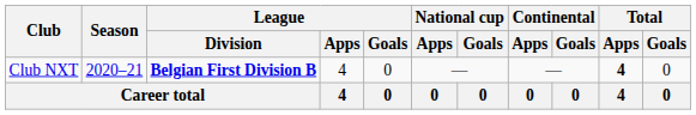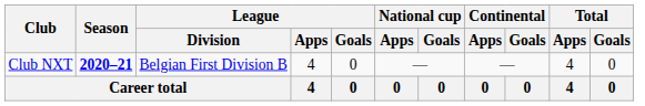 <table class=wikitable style=text-align:center>
 <tr>
 <th rowspan=2>Club</th>
 <th rowspan=2>Season</th>
 <th colspan=3>League</th>
 <th colspan=2>National cup</th>
 <th colspan=2>Continental</th>
 <th colspan=2>Total</th>
 </tr>
 <tr>
 <th>Division</th>
 <th>Apps</th>
 <th>Goals</th>
 <th>Apps</th>
 <th>Goals</th>
 <th>Apps</th>
 <th>Goals</th>
 <th>Apps</th>
 <th>Goals</th>
 </tr>
 <tr>
 <td rowspan=1><a href='#'>Club NXT</a></td>
-<td><a href='#'>2020–21</a></td>
-<td><strong><a href='#'>Belgian First Division B</a></strong></td>
+<td><strong><a href='#'>2020–21</a></strong></td>
+<td><a href='#'>Belgian First Division B</a></td>
 <td>4</td>
 <td>0</td>
 <td colspan=2>—</td>
 <td colspan=2>—</td>
-<td><strong>4</strong></td>
+<td>4</td>
 <td>0</td>
 </tr>
 <tr>
 <th colspan=3>Career total</th>
 <th>4</th>
 <th>0</th>
 <th>0</th>
 <th>0</th>
 <th>0</th>
 <th>0</th>
 <th>4</th>
 <th>0</th>
 </tr>
 </table>
